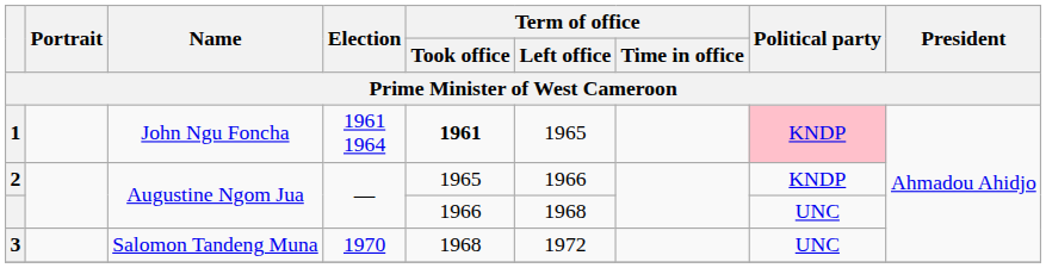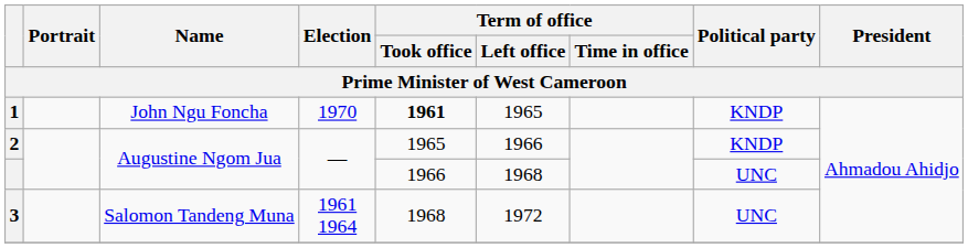 <table class="wikitable" style="text-align:center">
 <tr>
 <th rowspan="2"></th>
 <th rowspan="2">Portrait</th>
 <th rowspan="2">Name<br></th>
 <th rowspan="2"><strong>Election</strong></th>
 <th colspan="3">Term of office</th>
 <th rowspan="2">Political party</th>
 <th rowspan="2">President</th>
 </tr>
 <tr>
 <th>Took office</th>
 <th>Left office</th>
 <th>Time in office</th>
 </tr>
 <tr>
 <th colspan="9">Prime Minister of West Cameroon</th>
 </tr>
 <tr>
 <th style="background:">1</th>
 <td></td>
 <td><a href='#'>John Ngu Foncha</a><br></td>
-<td><a href='#'>1961</a><br><a href='#'>1964</a></td>
+<td><a href='#'>1970</a></td>
 <td><strong> 1961</strong></td>
 <td> 1965</td>
 <td></td>
-<td style="background: pink;"><a href='#'>KNDP</a></td>
+<td><a href='#'>KNDP</a></td>
 <td rowspan=4><a href='#'>Ahmadou Ahidjo</a></td>
 </tr>
 <tr>
 <th style="background:">2</th>
 <td rowspan=2></td>
 <td rowspan=2><a href='#'>Augustine Ngom Jua</a><br></td>
 <td rowspan="2">—</td>
 <td> 1965</td>
 <td> 1966</td>
 <td rowspan=2></td>
 <td><a href='#'>KNDP</a></td>
 </tr>
 <tr>
 <th style="background:"></th>
 <td> 1966</td>
 <td> 1968</td>
 <td><a href='#'>UNC</a></td>
 </tr>
 <tr>
 <th style="background:">3</th>
 <td></td>
 <td><a href='#'>Salomon Tandeng Muna</a><br></td>
-<td><a href='#'>1970</a></td>
+<td><a href='#'>1961</a><br><a href='#'>1964</a></td>
 <td> 1968</td>
 <td> 1972</td>
 <td></td>
 <td><a href='#'>UNC</a></td>
 </tr>
 <tr>
 </tr>
 </table>
